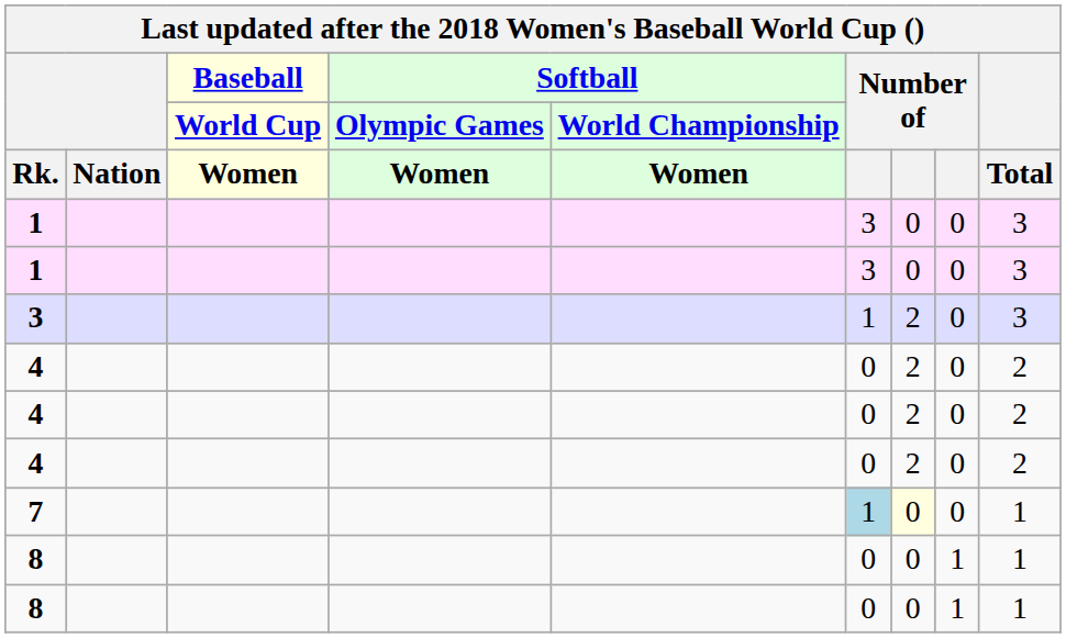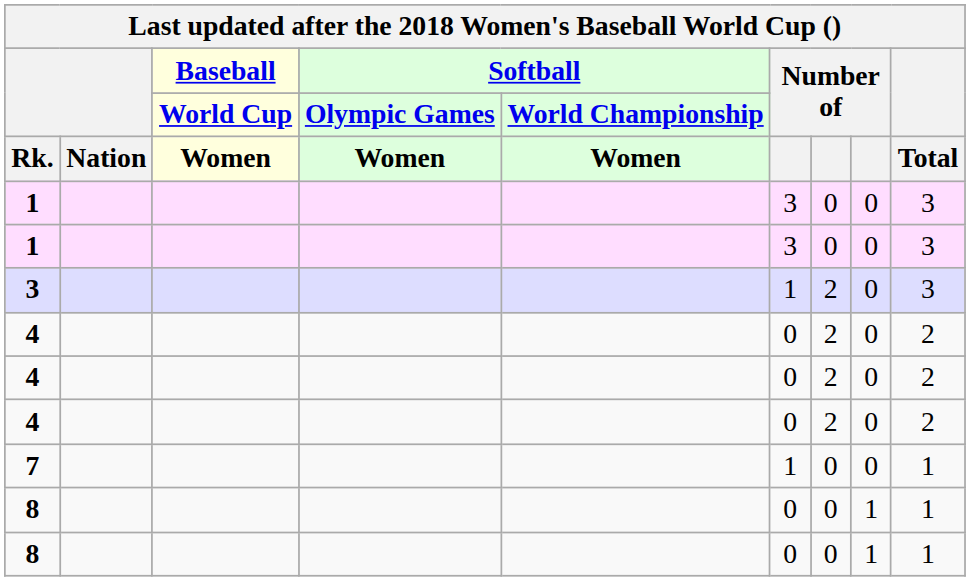 <table class="wikitable" style="margin-top: 0em; text-align: center; font-size: 100%;">
 <tr>
 <th colspan="9">Last updated after the 2018 Women's Baseball World Cup ()</th>
 </tr>
 <tr>
 <th rowspan="2" colspan="2"></th>
 <th style="background: #ffd;"><a href='#'>Baseball</a></th>
 <th colspan="2" style="background: #dfd;"><a href='#'>Softball</a></th>
 <th rowspan="2" colspan="3">Number of</th>
 <th rowspan="2"></th>
 </tr>
 <tr>
 <th style="background: #ffd;"><a href='#'>World Cup</a></th>
 <th style="background: #dfd;"><a href='#'>Olympic Games</a></th>
 <th style="background: #dfd;"><a href='#'>World Championship</a></th>
 </tr>
 <tr>
 <th style="width: 1em;">Rk.</th>
 <th>Nation</th>
 <th style="background: #ffd;">Women</th>
 <th style="background: #dfd;">Women</th>
 <th style="background: #dfd;">Women</th>
 <th style="width: 1em;"></th>
 <th style="width: 1em;"></th>
 <th style="width: 1em;"></th>
 <th style="width: 1em;">Total</th>
 </tr>
 <tr style="background: #fdf;">
 <td><strong>1</strong></td>
 <td style="text-align: left;"></td>
 <td></td>
 <td></td>
 <td></td>
 <td>3</td>
 <td>0</td>
 <td>0</td>
 <td>3</td>
 </tr>
 <tr style="background: #fdf;">
 <td><strong>1</strong></td>
 <td style="text-align: left;"></td>
 <td></td>
 <td></td>
 <td></td>
 <td>3</td>
 <td>0</td>
 <td>0</td>
 <td>3</td>
 </tr>
 <tr style="background: #ddf;">
 <td><strong>3</strong></td>
 <td style="text-align: left;"></td>
 <td></td>
 <td></td>
 <td></td>
 <td>1</td>
 <td>2</td>
 <td>0</td>
 <td>3</td>
 </tr>
 <tr>
 <td><strong>4</strong></td>
 <td style="text-align: left;"></td>
 <td></td>
 <td></td>
 <td></td>
 <td>0</td>
 <td>2</td>
 <td>0</td>
 <td>2</td>
 </tr>
 <tr>
 <td><strong>4</strong></td>
 <td style="text-align: left;"></td>
 <td></td>
 <td></td>
 <td></td>
 <td>0</td>
 <td>2</td>
 <td>0</td>
 <td>2</td>
 </tr>
 <tr>
 <td><strong>4</strong></td>
 <td style="text-align: left;"></td>
 <td></td>
 <td></td>
 <td></td>
 <td>0</td>
 <td>2</td>
 <td>0</td>
 <td>2</td>
 </tr>
 <tr>
 <td><strong>7</strong></td>
 <td style="text-align: left;"></td>
 <td></td>
 <td></td>
 <td></td>
-<td style="background: lightblue;">1</td>
-<td style="background: lightyellow;">0</td>
+<td>1</td>
+<td>0</td>
 <td>0</td>
 <td>1</td>
 </tr>
 <tr>
 <td><strong>8</strong></td>
 <td style="text-align: left;"></td>
 <td></td>
 <td></td>
 <td></td>
 <td>0</td>
 <td>0</td>
 <td>1</td>
 <td>1</td>
 </tr>
 <tr>
 <td><strong>8</strong></td>
 <td style="text-align: left;"></td>
 <td></td>
 <td></td>
 <td></td>
 <td>0</td>
 <td>0</td>
 <td>1</td>
 <td>1</td>
 </tr>
 </table>
